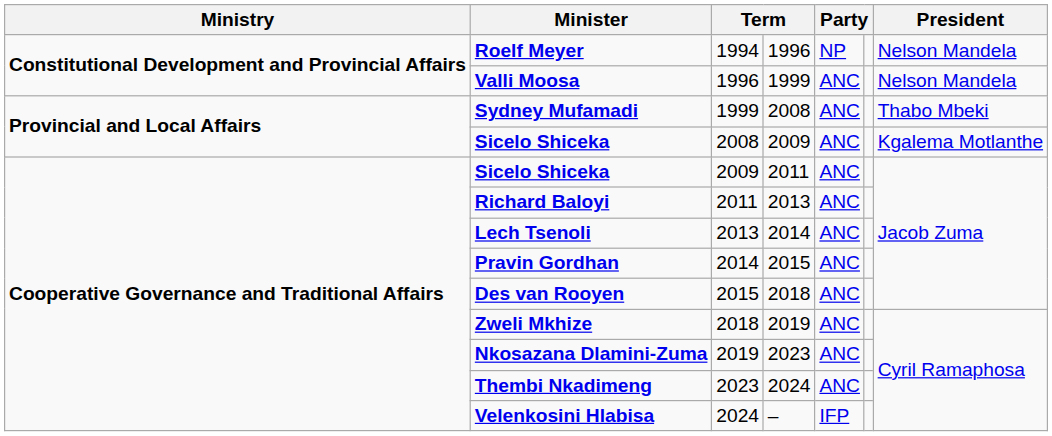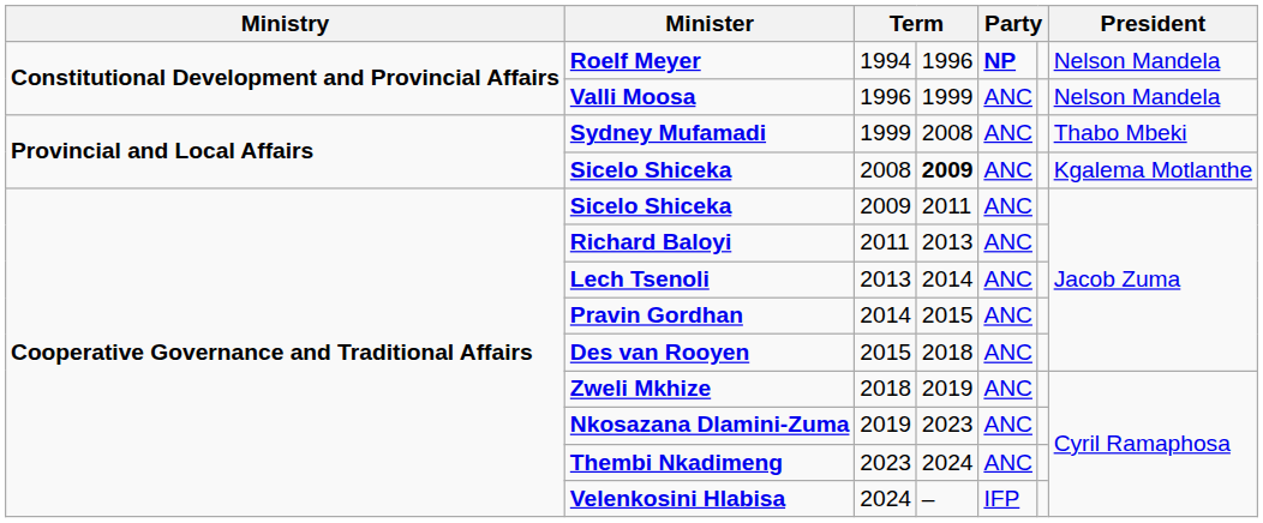 <table class="wikitable">
 <tr>
 <th>Ministry</th>
 <th>Minister</th>
 <th colspan="2">Term</th>
 <th colspan="2">Party</th>
 <th>President</th>
 </tr>
 <tr>
 <td rowspan="2"><strong>Constitutional Development and Provincial Affairs</strong></td>
 <td><strong><a href='#'>Roelf Meyer</a></strong></td>
 <td>1994</td>
 <td>1996</td>
-<td><a href='#'>NP</a></td>
+<td><strong><a href='#'>NP</a></strong></td>
 <td style="background-color: "></td>
 <td><a href='#'>Nelson Mandela</a></td>
 </tr>
 <tr>
 <td><strong><a href='#'>Valli Moosa</a></strong></td>
 <td>1996</td>
 <td>1999</td>
 <td><a href='#'>ANC</a></td>
 <td style="background-color: "></td>
 <td><a href='#'>Nelson Mandela</a></td>
 </tr>
 <tr>
 <td rowspan="2"><strong>Provincial and Local Affairs</strong></td>
 <td><strong><a href='#'>Sydney Mufamadi</a></strong></td>
 <td>1999</td>
 <td>2008</td>
 <td><a href='#'>ANC</a></td>
 <td style="background-color: "></td>
 <td><a href='#'>Thabo Mbeki</a></td>
 </tr>
 <tr>
 <td><strong><a href='#'>Sicelo Shiceka</a></strong></td>
 <td>2008</td>
-<td>2009</td>
+<td><strong>2009</strong></td>
 <td><a href='#'>ANC</a></td>
 <td style="background-color: "></td>
 <td><a href='#'>Kgalema Motlanthe</a></td>
 </tr>
 <tr>
 <td rowspan="9"><strong>Cooperative Governance and Traditional Affairs</strong></td>
 <td><strong><a href='#'>Sicelo Shiceka</a></strong></td>
 <td>2009</td>
 <td>2011</td>
 <td><a href='#'>ANC</a></td>
 <td style="background-color: "></td>
 <td rowspan="5"><a href='#'>Jacob Zuma</a></td>
 </tr>
 <tr>
 <td><strong><a href='#'>Richard Baloyi</a></strong></td>
 <td>2011</td>
 <td>2013</td>
 <td><a href='#'>ANC</a></td>
 <td style="background-color: "></td>
 </tr>
 <tr>
 <td><strong><a href='#'>Lech Tsenoli</a></strong></td>
 <td>2013</td>
 <td>2014</td>
 <td><a href='#'>ANC</a></td>
 <td style="background-color: "></td>
 </tr>
 <tr>
 <td><strong><a href='#'>Pravin Gordhan</a></strong></td>
 <td>2014</td>
 <td>2015</td>
 <td><a href='#'>ANC</a></td>
 <td style="background-color: "></td>
 </tr>
 <tr>
 <td><strong><a href='#'>Des van Rooyen</a></strong></td>
 <td>2015</td>
 <td>2018</td>
 <td><a href='#'>ANC</a></td>
 <td style="background-color: "></td>
 </tr>
 <tr>
 <td><strong><a href='#'>Zweli Mkhize</a></strong></td>
 <td>2018</td>
 <td>2019</td>
 <td><a href='#'>ANC</a></td>
 <td style="background-color: "></td>
 <td rowspan="4"><a href='#'>Cyril Ramaphosa</a></td>
 </tr>
 <tr>
 <td><strong><a href='#'>Nkosazana Dlamini-Zuma</a></strong></td>
 <td>2019</td>
 <td>2023</td>
 <td><a href='#'>ANC</a></td>
 <td style="background-color: "></td>
 </tr>
 <tr>
 <td><strong><a href='#'>Thembi Nkadimeng</a></strong></td>
 <td>2023</td>
 <td>2024</td>
 <td><a href='#'>ANC</a></td>
 <td style="background-color: "></td>
 </tr>
 <tr>
 <td><strong><a href='#'>Velenkosini Hlabisa</a></strong></td>
 <td>2024</td>
 <td>–</td>
 <td><a href='#'>IFP</a></td>
 <td style="background-color: "></td>
 </tr>
 </table>
